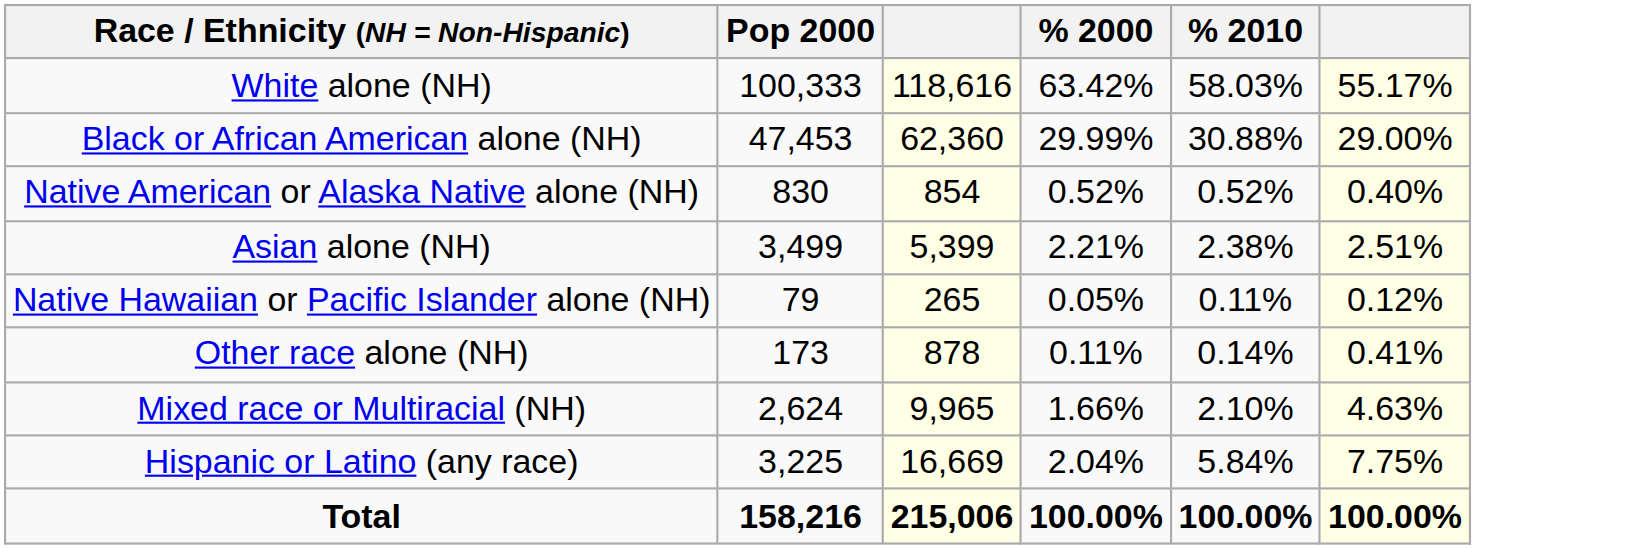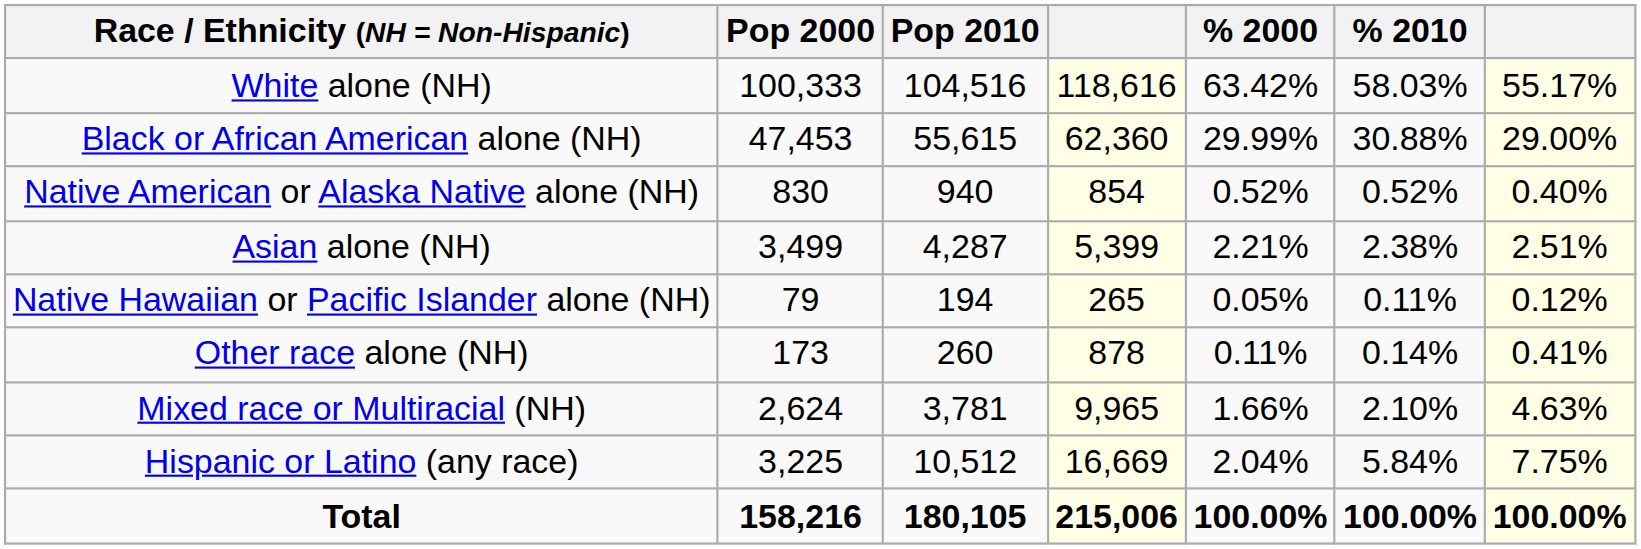 <table class="wikitable" style="text-align:center;">
 <tr>
 <th>Race / Ethnicity <small>(<em>NH = Non-Hispanic</em>)</small></th>
 <th>Pop 2000</th>
+<th>Pop 2010</th>
 <th></th>
 <th>% 2000</th>
 <th>% 2010</th>
 <th></th>
 </tr>
 <tr>
 <td><a href='#'>White</a> alone (NH)</td>
 <td>100,333</td>
+<td>104,516</td>
 <td style='background: #ffffe6;'>118,616</td>
 <td>63.42%</td>
 <td>58.03%</td>
 <td style='background: #ffffe6;'>55.17%</td>
 </tr>
 <tr>
 <td><a href='#'>Black or African American</a> alone (NH)</td>
 <td>47,453</td>
+<td>55,615</td>
 <td style='background: #ffffe6;'>62,360</td>
 <td>29.99%</td>
 <td>30.88%</td>
 <td style='background: #ffffe6;'>29.00%</td>
 </tr>
 <tr>
 <td><a href='#'>Native American</a> or <a href='#'>Alaska Native</a> alone (NH)</td>
 <td>830</td>
+<td>940</td>
 <td style='background: #ffffe6;'>854</td>
 <td>0.52%</td>
 <td>0.52%</td>
 <td style='background: #ffffe6;'>0.40%</td>
 </tr>
 <tr>
 <td><a href='#'>Asian</a> alone (NH)</td>
 <td>3,499</td>
+<td>4,287</td>
 <td style='background: #ffffe6;'>5,399</td>
 <td>2.21%</td>
 <td>2.38%</td>
 <td style='background: #ffffe6;'>2.51%</td>
 </tr>
 <tr>
 <td><a href='#'>Native Hawaiian</a> or <a href='#'>Pacific Islander</a> alone (NH)</td>
 <td>79</td>
+<td>194</td>
 <td style='background: #ffffe6;'>265</td>
 <td>0.05%</td>
 <td>0.11%</td>
 <td style='background: #ffffe6;'>0.12%</td>
 </tr>
 <tr>
 <td><a href='#'>Other race</a> alone (NH)</td>
 <td>173</td>
+<td>260</td>
 <td style='background: #ffffe6;'>878</td>
 <td>0.11%</td>
 <td>0.14%</td>
 <td style='background: #ffffe6;'>0.41%</td>
 </tr>
 <tr>
 <td><a href='#'>Mixed race or Multiracial</a> (NH)</td>
 <td>2,624</td>
+<td>3,781</td>
 <td style='background: #ffffe6;'>9,965</td>
 <td>1.66%</td>
 <td>2.10%</td>
 <td style='background: #ffffe6;'>4.63%</td>
 </tr>
 <tr>
 <td><a href='#'>Hispanic or Latino</a> (any race)</td>
 <td>3,225</td>
+<td>10,512</td>
 <td style='background: #ffffe6;'>16,669</td>
 <td>2.04%</td>
 <td>5.84%</td>
 <td style='background: #ffffe6;'>7.75%</td>
 </tr>
 <tr>
 <td><strong>Total</strong></td>
 <td><strong>158,216</strong></td>
+<td><strong>180,105</strong></td>
 <td style='background: #ffffe6;'><strong>215,006</strong></td>
 <td><strong>100.00%</strong></td>
 <td><strong>100.00%</strong></td>
 <td style='background: #ffffe6;'><strong>100.00%</strong></td>
 </tr>
 </table>
